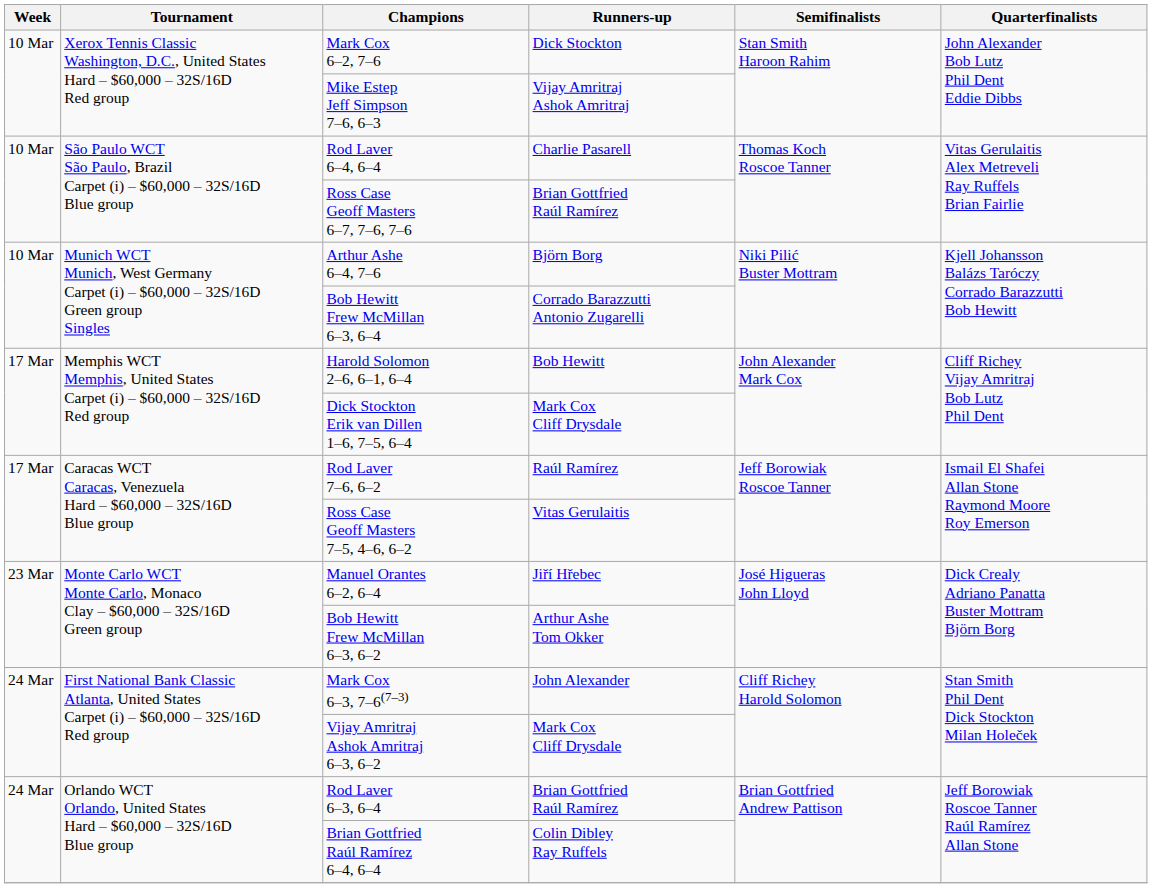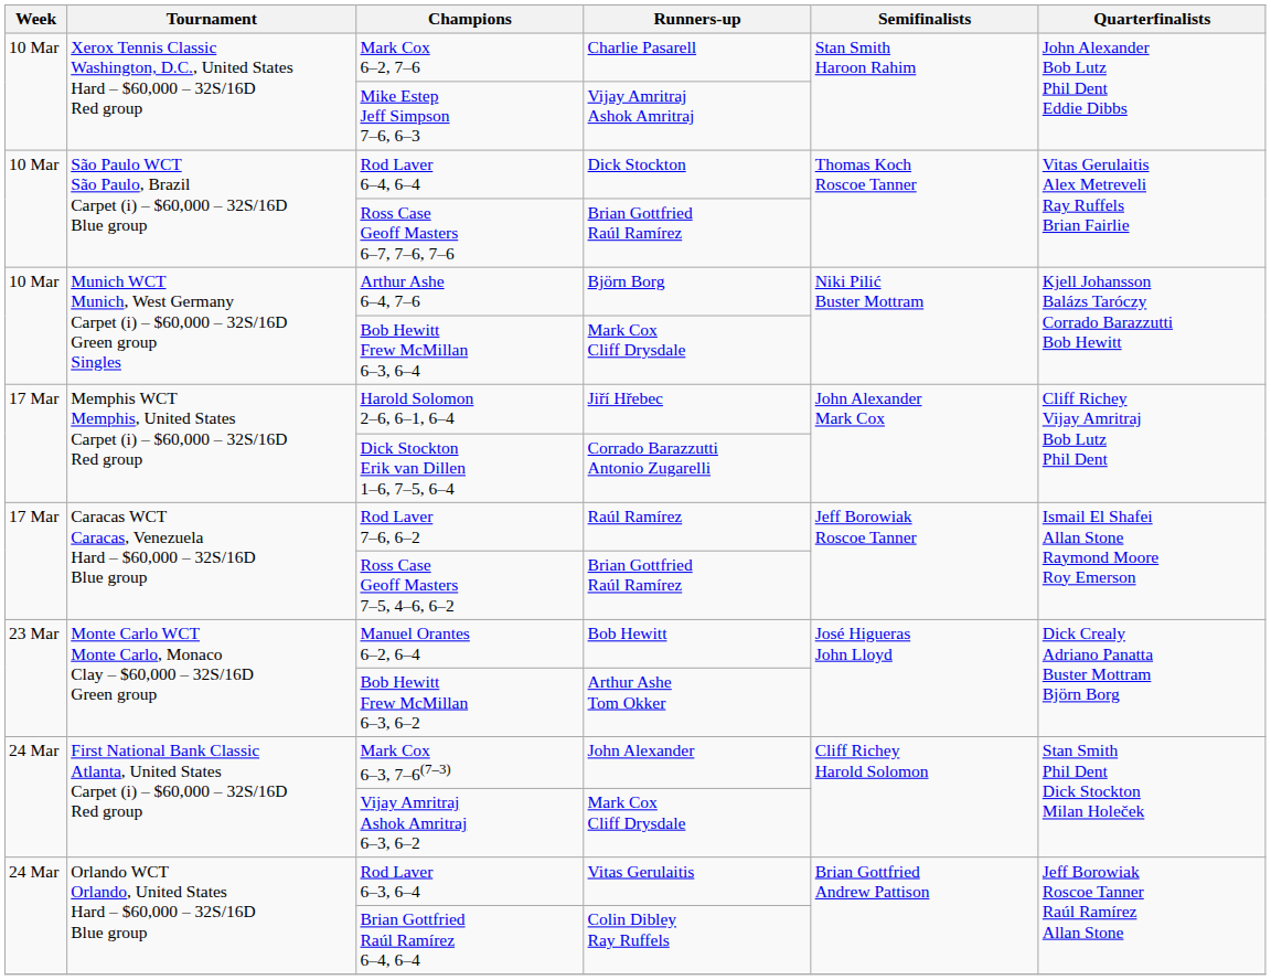 <table class=wikitable style=font-size:95%>
 <tr>
 <th style="width:48px;">Week</th>
 <th style="width:250px;">Tournament</th>
 <th style="width:195px;">Champions</th>
 <th style="width:195px;">Runners-up</th>
 <th style="width:195px;">Semifinalists</th>
 <th style="width:195px;">Quarterfinalists</th>
 </tr>
 <tr valign=top>
 <td rowspan=2>10 Mar</td>
 <td rowspan=2><a href='#'>Xerox Tennis Classic</a> <br><a href='#'>Washington, D.C.</a>, United States<br>Hard – $60,000 – 32S/16D <br> Red group</td>
 <td> <a href='#'>Mark Cox</a><br>6–2, 7–6</td>
-<td> <a href='#'>Dick Stockton</a></td>
+<td> <a href='#'>Charlie Pasarell</a></td>
 <td rowspan=2> <a href='#'>Stan Smith</a><br> <a href='#'>Haroon Rahim</a></td>
 <td rowspan=2> <a href='#'>John Alexander</a><br> <a href='#'>Bob Lutz</a><br> <a href='#'>Phil Dent</a><br> <a href='#'>Eddie Dibbs</a></td>
 </tr>
 <tr valign=top>
 <td> <a href='#'>Mike Estep</a><br> <a href='#'>Jeff Simpson</a><br>7–6, 6–3</td>
 <td> <a href='#'>Vijay Amritraj</a><br> <a href='#'>Ashok Amritraj</a></td>
 </tr>
 <tr valign=top>
 <td rowspan=2>10 Mar</td>
 <td rowspan=2><a href='#'>São Paulo WCT</a> <br><a href='#'>São Paulo</a>, Brazil<br>Carpet (i) – $60,000 – 32S/16D <br> Blue group</td>
 <td> <a href='#'>Rod Laver</a><br>6–4, 6–4</td>
-<td> <a href='#'>Charlie Pasarell</a></td>
+<td> <a href='#'>Dick Stockton</a></td>
 <td rowspan=2> <a href='#'>Thomas Koch</a><br> <a href='#'>Roscoe Tanner</a></td>
 <td rowspan=2> <a href='#'>Vitas Gerulaitis</a><br> <a href='#'>Alex Metreveli</a><br> <a href='#'>Ray Ruffels</a><br> <a href='#'>Brian Fairlie</a></td>
 </tr>
 <tr valign=top>
 <td> <a href='#'>Ross Case</a><br> <a href='#'>Geoff Masters</a><br>6–7, 7–6, 7–6</td>
 <td> <a href='#'>Brian Gottfried</a><br> <a href='#'>Raúl Ramírez</a></td>
 </tr>
 <tr valign=top>
 <td rowspan=2>10 Mar</td>
 <td rowspan=2><a href='#'>Munich WCT</a> <br><a href='#'>Munich</a>, West Germany<br>Carpet (i) – $60,000 – 32S/16D <br> Green group <br> <a href='#'>Singles</a></td>
 <td> <a href='#'>Arthur Ashe</a><br>6–4, 7–6</td>
 <td> <a href='#'>Björn Borg</a></td>
 <td rowspan=2> <a href='#'>Niki Pilić</a><br> <a href='#'>Buster Mottram</a></td>
 <td rowspan=2> <a href='#'>Kjell Johansson</a><br> <a href='#'>Balázs Taróczy</a><br> <a href='#'>Corrado Barazzutti</a><br> <a href='#'>Bob Hewitt</a></td>
 </tr>
 <tr valign=top>
 <td> <a href='#'>Bob Hewitt</a><br> <a href='#'>Frew McMillan</a><br>6–3, 6–4</td>
-<td> <a href='#'>Corrado Barazzutti</a><br> <a href='#'>Antonio Zugarelli</a></td>
+<td> <a href='#'>Mark Cox</a><br> <a href='#'>Cliff Drysdale</a></td>
 </tr>
 <tr valign=top>
 <td rowspan=2>17 Mar</td>
 <td rowspan=2>Memphis WCT <br><a href='#'>Memphis</a>, United States<br>Carpet (i) – $60,000 – 32S/16D <br> Red group</td>
 <td> <a href='#'>Harold Solomon</a><br>2–6, 6–1, 6–4</td>
-<td> <a href='#'>Bob Hewitt</a></td>
+<td> <a href='#'>Jiří Hřebec</a></td>
 <td rowspan=2> <a href='#'>John Alexander</a><br> <a href='#'>Mark Cox</a></td>
 <td rowspan=2> <a href='#'>Cliff Richey</a><br> <a href='#'>Vijay Amritraj</a><br> <a href='#'>Bob Lutz</a><br> <a href='#'>Phil Dent</a></td>
 </tr>
 <tr valign=top>
 <td> <a href='#'>Dick Stockton</a><br> <a href='#'>Erik van Dillen</a><br>1–6, 7–5, 6–4</td>
-<td> <a href='#'>Mark Cox</a><br> <a href='#'>Cliff Drysdale</a></td>
+<td> <a href='#'>Corrado Barazzutti</a><br> <a href='#'>Antonio Zugarelli</a></td>
 </tr>
 <tr valign=top>
 <td rowspan=2>17 Mar</td>
 <td rowspan=2>Caracas WCT <br><a href='#'>Caracas</a>, Venezuela<br>Hard – $60,000 – 32S/16D <br> Blue group</td>
 <td> <a href='#'>Rod Laver</a><br>7–6, 6–2</td>
 <td> <a href='#'>Raúl Ramírez</a></td>
 <td rowspan=2> <a href='#'>Jeff Borowiak</a><br> <a href='#'>Roscoe Tanner</a></td>
 <td rowspan=2> <a href='#'>Ismail El Shafei</a><br> <a href='#'>Allan Stone</a><br> <a href='#'>Raymond Moore</a><br> <a href='#'>Roy Emerson</a></td>
 </tr>
 <tr valign=top>
 <td> <a href='#'>Ross Case</a><br> <a href='#'>Geoff Masters</a><br>7–5, 4–6, 6–2</td>
-<td> <a href='#'>Vitas Gerulaitis</a></td>
+<td> <a href='#'>Brian Gottfried</a><br> <a href='#'>Raúl Ramírez</a></td>
 </tr>
 <tr valign=top>
 <td rowspan=2>23 Mar</td>
 <td rowspan=2><a href='#'>Monte Carlo WCT</a> <br><a href='#'>Monte Carlo</a>, Monaco<br>Clay – $60,000 – 32S/16D <br> Green group</td>
 <td> <a href='#'>Manuel Orantes</a><br>6–2, 6–4</td>
-<td> <a href='#'>Jiří Hřebec</a></td>
+<td> <a href='#'>Bob Hewitt</a></td>
 <td rowspan=2> <a href='#'>José Higueras</a><br> <a href='#'>John Lloyd</a></td>
 <td rowspan=2> <a href='#'>Dick Crealy</a><br> <a href='#'>Adriano Panatta</a><br> <a href='#'>Buster Mottram</a><br> <a href='#'>Björn Borg</a></td>
 </tr>
 <tr valign=top>
 <td> <a href='#'>Bob Hewitt</a><br> <a href='#'>Frew McMillan</a><br>6–3, 6–2</td>
 <td> <a href='#'>Arthur Ashe</a><br> <a href='#'>Tom Okker</a></td>
 </tr>
 <tr valign=top>
 <td rowspan=2>24 Mar</td>
 <td rowspan=2><a href='#'>First National Bank Classic</a> <br><a href='#'>Atlanta</a>, United States<br>Carpet (i) – $60,000 – 32S/16D <br> Red group</td>
 <td> <a href='#'>Mark Cox</a><br>6–3, 7–6<sup>(7–3)</sup></td>
 <td> <a href='#'>John Alexander</a></td>
 <td rowspan=2> <a href='#'>Cliff Richey</a><br> <a href='#'>Harold Solomon</a></td>
 <td rowspan=2> <a href='#'>Stan Smith</a><br> <a href='#'>Phil Dent</a><br> <a href='#'>Dick Stockton</a><br> <a href='#'>Milan Holeček</a></td>
 </tr>
 <tr valign=top>
 <td> <a href='#'>Vijay Amritraj</a><br> <a href='#'>Ashok Amritraj</a><br>6–3, 6–2</td>
 <td> <a href='#'>Mark Cox</a><br> <a href='#'>Cliff Drysdale</a></td>
 </tr>
 <tr valign=top>
 <td rowspan=2>24 Mar</td>
 <td rowspan=2>Orlando WCT <br><a href='#'>Orlando</a>, United States<br>Hard – $60,000 – 32S/16D <br> Blue group</td>
 <td> <a href='#'>Rod Laver</a><br>6–3, 6–4</td>
-<td> <a href='#'>Brian Gottfried</a><br> <a href='#'>Raúl Ramírez</a></td>
+<td> <a href='#'>Vitas Gerulaitis</a></td>
 <td rowspan=2> <a href='#'>Brian Gottfried</a><br> <a href='#'>Andrew Pattison</a></td>
 <td rowspan=2> <a href='#'>Jeff Borowiak</a><br> <a href='#'>Roscoe Tanner</a><br> <a href='#'>Raúl Ramírez</a><br> <a href='#'>Allan Stone</a></td>
 </tr>
 <tr valign=top>
 <td> <a href='#'>Brian Gottfried</a><br> <a href='#'>Raúl Ramírez</a><br>6–4, 6–4</td>
 <td> <a href='#'>Colin Dibley</a><br> <a href='#'>Ray Ruffels</a></td>
 </tr>
 <tr valign=top>
 </tr>
 </table>
